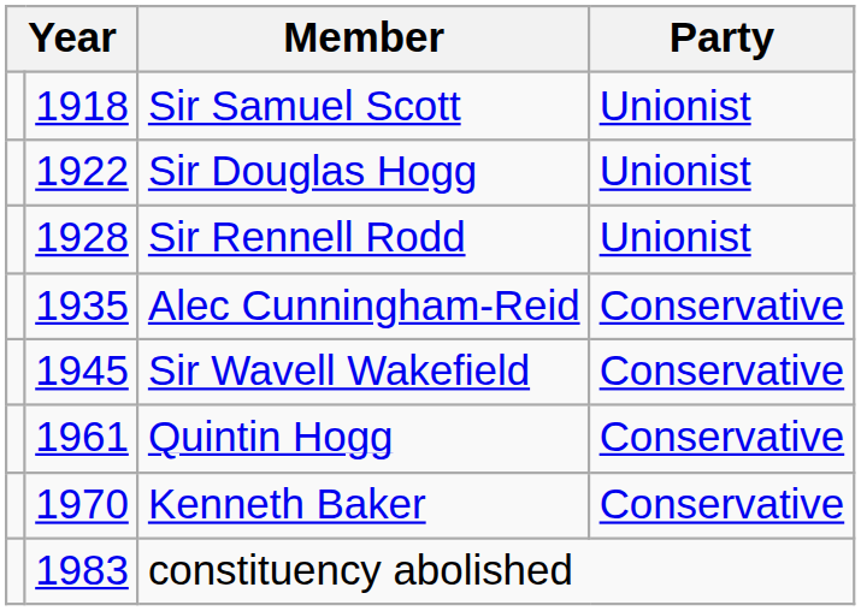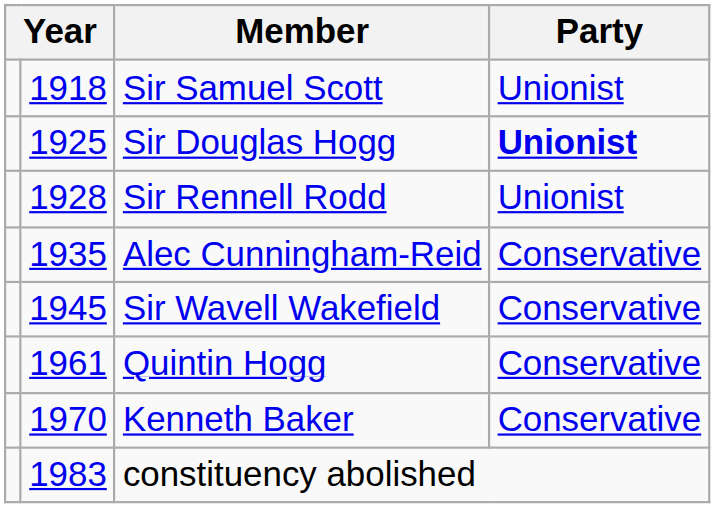 <table class="wikitable">
 <tr>
 <th colspan="2">Year</th>
 <th>Member</th>
 <th>Party</th>
 </tr>
 <tr>
 <td style="color:inherit;background-color: "></td>
 <td><a href='#'>1918</a></td>
 <td><a href='#'>Sir Samuel Scott</a></td>
 <td><a href='#'>Unionist</a></td>
 </tr>
 <tr>
 <td style="color:inherit;background-color: "></td>
-<td><a href='#'>1922</a></td>
+<td><a href='#'>1925</a></td>
 <td><a href='#'>Sir Douglas Hogg</a></td>
-<td><a href='#'>Unionist</a></td>
+<td><strong><a href='#'>Unionist</a></strong></td>
 </tr>
 <tr>
 <td style="color:inherit;background-color: "></td>
 <td><a href='#'>1928</a></td>
 <td><a href='#'>Sir Rennell Rodd</a></td>
 <td><a href='#'>Unionist</a></td>
 </tr>
 <tr>
 <td style="color:inherit;background-color: "></td>
 <td><a href='#'>1935</a></td>
 <td><a href='#'>Alec Cunningham-Reid</a></td>
 <td><a href='#'>Conservative</a></td>
 </tr>
 <tr>
 <td style="color:inherit;background-color: "></td>
 <td><a href='#'>1945</a></td>
 <td><a href='#'>Sir Wavell Wakefield</a></td>
 <td><a href='#'>Conservative</a></td>
 </tr>
 <tr>
 <td style="color:inherit;background-color: "></td>
 <td><a href='#'>1961</a></td>
 <td><a href='#'>Quintin Hogg</a></td>
 <td><a href='#'>Conservative</a></td>
 </tr>
 <tr>
 <td style="color:inherit;background-color: "></td>
 <td><a href='#'>1970</a></td>
 <td><a href='#'>Kenneth Baker</a></td>
 <td><a href='#'>Conservative</a></td>
 </tr>
 <tr>
 <td></td>
 <td><a href='#'>1983</a></td>
 <td colspan="2">constituency abolished</td>
 </tr>
 </table>
